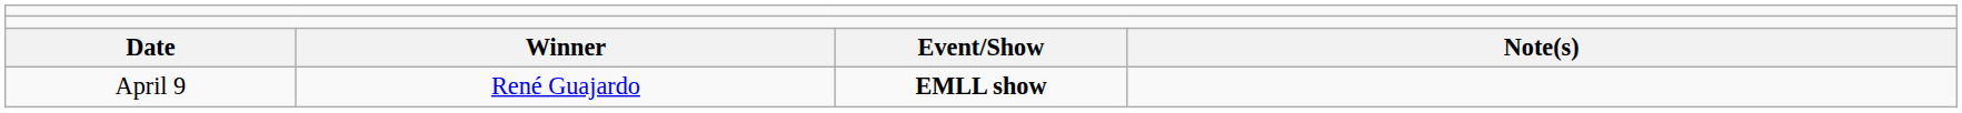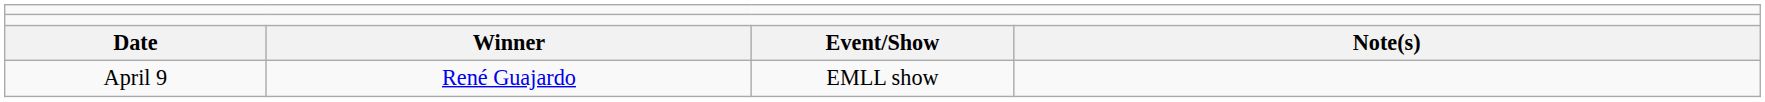 <table class="wikitable" style="text-align:center; width:100%;">
 <tr>
 <td colspan=5></td>
 </tr>
 <tr>
 <td colspan=5><strong></strong></td>
 </tr>
 <tr>
 <th width=14%>Date</th>
 <th width=26%>Winner</th>
 <th width=14%>Event/Show</th>
 <th width=40%>Note(s)</th>
 </tr>
 <tr>
 <td>April 9</td>
 <td><a href='#'>René Guajardo</a></td>
-<td><strong>EMLL show</strong></td>
+<td>EMLL show</td>
 <td align=left></td>
 </tr>
 </table>
